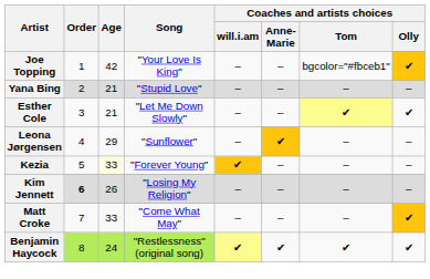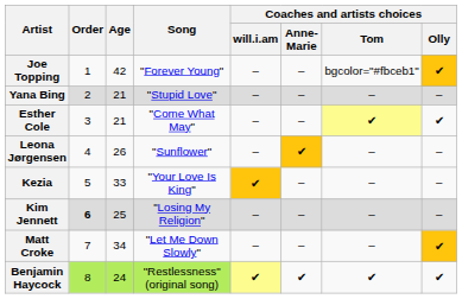 <table class="wikitable" style="text-align:center; width:100%">
 <tr>
 <th scope="col" rowspan="2" style="width:13%">Artist</th>
 <th scope="col" rowspan="2" style="width:05%">Order</th>
 <th scope="col" rowspan="2" style="width:05%">Age</th>
 <th scope="col" rowspan="2" style="width:26%">Song</th>
 <th scope="row" colspan="4" style="width:40%">Coaches and artists choices</th>
 </tr>
 <tr>
 <th style="width:10%">will.i.am</th>
 <th style="width:10%">Anne-Marie</th>
 <th style="width:10%">Tom</th>
 <th style="width:10%">Olly</th>
 </tr>
 <tr>
 <th scope="row">Joe Topping</th>
 <td>1</td>
 <td>42</td>
-<td>"<a href='#'>Your Love Is King</a>"</td>
+<td>"<a href='#'>Forever Young</a>"</td>
 <td>–</td>
 <td>–</td>
 <td>bgcolor="#fbceb1"</td>
 <td style="background:#ffc40c">✔</td>
 </tr>
 <tr style="background:#DCDCDC">
 <th scope="row">Yana Bing</th>
 <td>2</td>
 <td>21</td>
 <td>"<a href='#'>Stupid Love</a>"</td>
 <td>–</td>
 <td>–</td>
 <td>–</td>
 <td>–</td>
 </tr>
 <tr>
 <th scope="row">Esther Cole</th>
 <td>3</td>
 <td>21</td>
-<td>"<a href='#'>Let Me Down Slowly</a>"</td>
+<td>"<a href='#'>Come What May</a>"</td>
 <td>–</td>
 <td>–</td>
 <td style="background:#fdfc8f">✔</td>
 <td>✔</td>
 </tr>
 <tr>
 <th scope="row">Leona Jørgensen</th>
 <td>4</td>
-<td>29</td>
+<td>26</td>
 <td>"<a href='#'>Sunflower</a>"</td>
 <td>–</td>
 <td style="background:#ffc40c">✔</td>
 <td>–</td>
 <td>–</td>
 </tr>
 <tr>
 <th scope="row">Kezia</th>
 <td>5</td>
-<td style="background: lightyellow;">33</td>
-<td>"<a href='#'>Forever Young</a>"</td>
+<td>33</td>
+<td>"<a href='#'>Your Love Is King</a>"</td>
 <td style="background:#ffc40c">✔</td>
 <td>–</td>
 <td>–</td>
 <td>–</td>
 </tr>
 <tr style="background:#DCDCDC">
 <th scope="row">Kim Jennett</th>
 <td><strong>6</strong></td>
-<td>26</td>
+<td>25</td>
 <td>"<a href='#'>Losing My Religion</a>"</td>
 <td>–</td>
 <td>–</td>
 <td>–</td>
 <td>–</td>
 </tr>
 <tr>
 <th scope="row">Matt Croke</th>
 <td>7</td>
-<td>33</td>
-<td>"<a href='#'>Come What May</a>"</td>
+<td>34</td>
+<td>"<a href='#'>Let Me Down Slowly</a>"</td>
 <td>–</td>
 <td>–</td>
 <td>–</td>
 <td style="background:#ffc40c">✔</td>
 </tr>
 <tr>
 <th scope="row">Benjamin Haycock</th>
 <td style="background:#B2EC5D">8</td>
 <td style="background:#B2EC5D">24</td>
 <td style="background:#B2EC5D">"Restlessness" (original song)</td>
 <td style="background:#fdfc8f">✔</td>
 <td>✔</td>
 <td>✔</td>
 <td>✔</td>
 </tr>
 </table>
